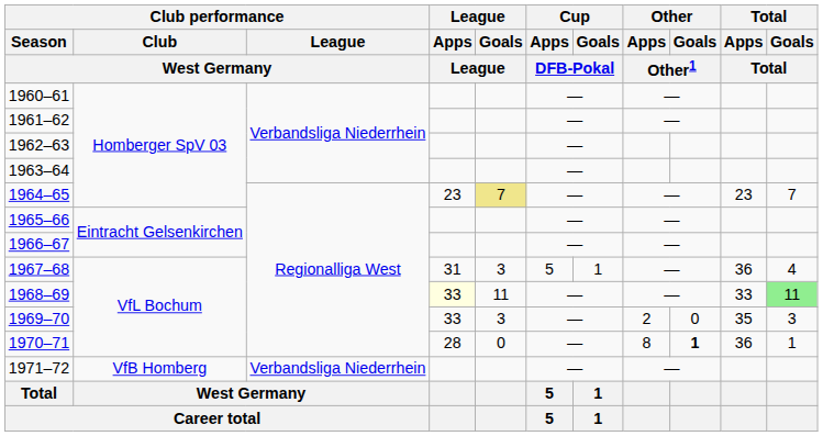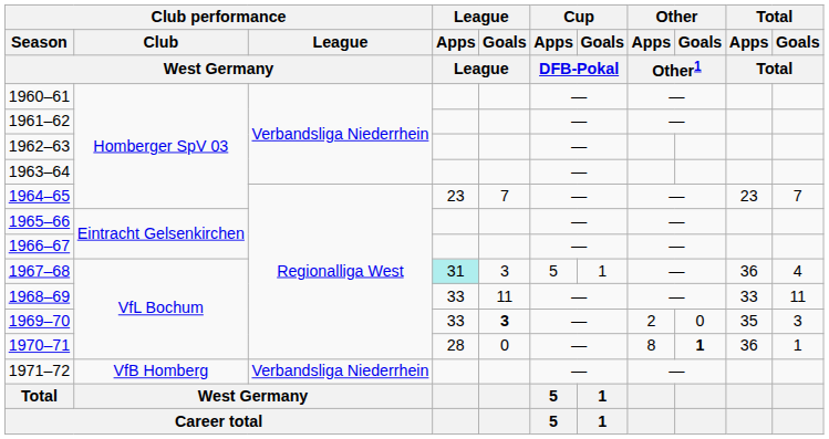 <table class="wikitable" style="text-align:center">
 <tr>
 <th colspan=3>Club performance</th>
 <th colspan=2>League</th>
 <th colspan=2>Cup</th>
 <th colspan=2>Other</th>
 <th colspan=2>Total</th>
 </tr>
 <tr>
 <th>Season</th>
 <th>Club</th>
 <th>League</th>
 <th>Apps</th>
 <th>Goals</th>
 <th>Apps</th>
 <th>Goals</th>
 <th>Apps</th>
 <th>Goals</th>
 <th>Apps</th>
 <th>Goals</th>
 </tr>
 <tr>
 <th colspan=3>West Germany</th>
 <th colspan=2>League</th>
 <th colspan=2><a href='#'>DFB-Pokal</a></th>
 <th colspan=2>Other<sup><a href='#'>1</a></sup></th>
 <th colspan=2>Total</th>
 </tr>
 <tr>
 <td>1960–61</td>
 <td rowspan="5"><a href='#'>Homberger SpV 03</a></td>
 <td rowspan="4"><a href='#'>Verbandsliga Niederrhein</a></td>
 <td></td>
 <td></td>
 <td colspan="2">—</td>
 <td colspan="2">—</td>
 <td></td>
 <td></td>
 </tr>
 <tr>
 <td>1961–62</td>
 <td></td>
 <td></td>
 <td colspan="2">—</td>
 <td colspan="2">—</td>
 <td></td>
 <td></td>
 </tr>
 <tr>
 <td>1962–63</td>
 <td></td>
 <td></td>
 <td colspan="2">—</td>
 <td></td>
 <td></td>
 <td></td>
 <td></td>
 </tr>
 <tr>
 <td>1963–64</td>
 <td></td>
 <td></td>
 <td colspan="2">—</td>
 <td></td>
 <td></td>
 <td></td>
 <td></td>
 </tr>
 <tr>
 <td><a href='#'>1964–65</a></td>
 <td rowspan="7"><a href='#'>Regionalliga West</a></td>
 <td>23</td>
-<td style="background: khaki;">7</td>
+<td>7</td>
 <td colspan="2">—</td>
 <td colspan="2">—</td>
 <td>23</td>
 <td>7</td>
 </tr>
 <tr>
 <td><a href='#'>1965–66</a></td>
 <td rowspan="2"><a href='#'>Eintracht Gelsenkirchen</a></td>
 <td></td>
 <td></td>
 <td colspan="2">—</td>
 <td colspan="2">—</td>
 <td></td>
 <td></td>
 </tr>
 <tr>
 <td><a href='#'>1966–67</a></td>
 <td></td>
 <td></td>
 <td colspan="2">—</td>
 <td colspan="2">—</td>
 <td></td>
 <td></td>
 </tr>
 <tr>
 <td><a href='#'>1967–68</a></td>
 <td rowspan="4"><a href='#'>VfL Bochum</a></td>
-<td>31</td>
+<td style="background: paleturquoise;">31</td>
 <td>3</td>
 <td>5</td>
 <td>1</td>
 <td colspan="2">—</td>
 <td>36</td>
 <td>4</td>
 </tr>
 <tr>
 <td><a href='#'>1968–69</a></td>
-<td style="background: lightyellow;">33</td>
+<td>33</td>
 <td>11</td>
 <td colspan="2">—</td>
 <td colspan="2">—</td>
 <td>33</td>
-<td style="background: lightgreen;">11</td>
+<td>11</td>
 </tr>
 <tr>
 <td><a href='#'>1969–70</a></td>
 <td>33</td>
-<td>3</td>
+<td><strong>3</strong></td>
 <td colspan="2">—</td>
 <td>2</td>
 <td>0</td>
 <td>35</td>
 <td>3</td>
 </tr>
 <tr>
 <td><a href='#'>1970–71</a></td>
 <td>28</td>
 <td>0</td>
 <td colspan="2">—</td>
 <td>8</td>
 <td><strong>1</strong></td>
 <td>36</td>
 <td>1</td>
 </tr>
 <tr>
 <td>1971–72</td>
 <td rowspan="1"><a href='#'>VfB Homberg</a></td>
 <td rowspan="1"><a href='#'>Verbandsliga Niederrhein</a></td>
 <td></td>
 <td></td>
 <td colspan="2">—</td>
 <td colspan="2">—</td>
 <td></td>
 <td></td>
 </tr>
 <tr>
 <th rowspan=1>Total</th>
 <th colspan=2>West Germany</th>
 <th></th>
 <th></th>
 <th>5</th>
 <th>1</th>
 <th></th>
 <th></th>
 <th></th>
 <th></th>
 </tr>
 <tr>
 <th colspan=3>Career total</th>
 <th></th>
 <th></th>
 <th>5</th>
 <th>1</th>
 <th></th>
 <th></th>
 <th></th>
 <th></th>
 </tr>
 </table>
